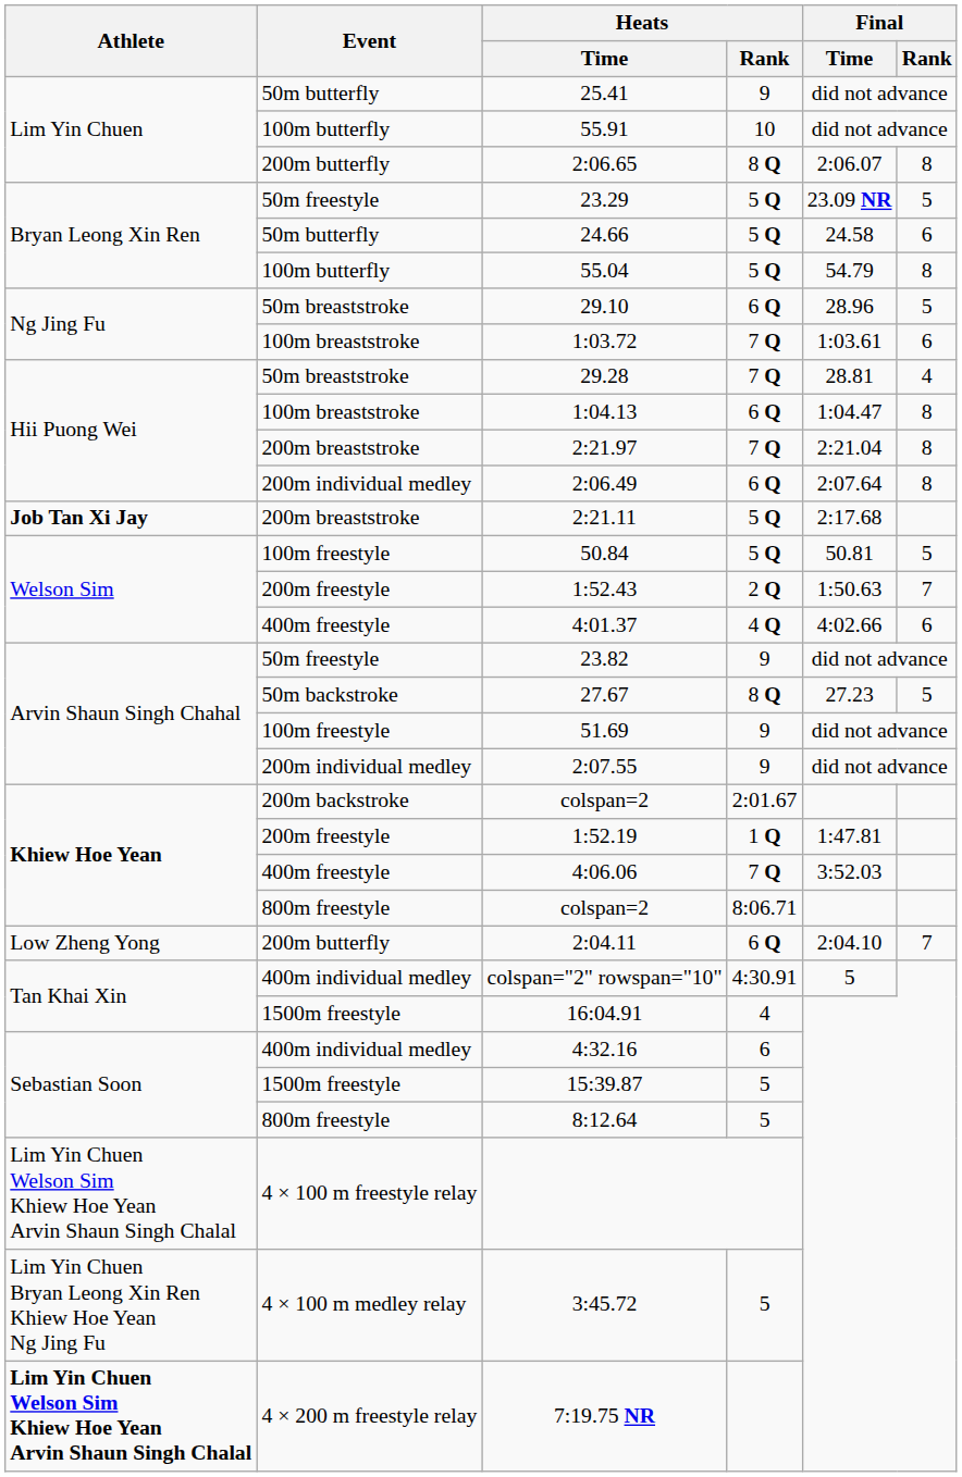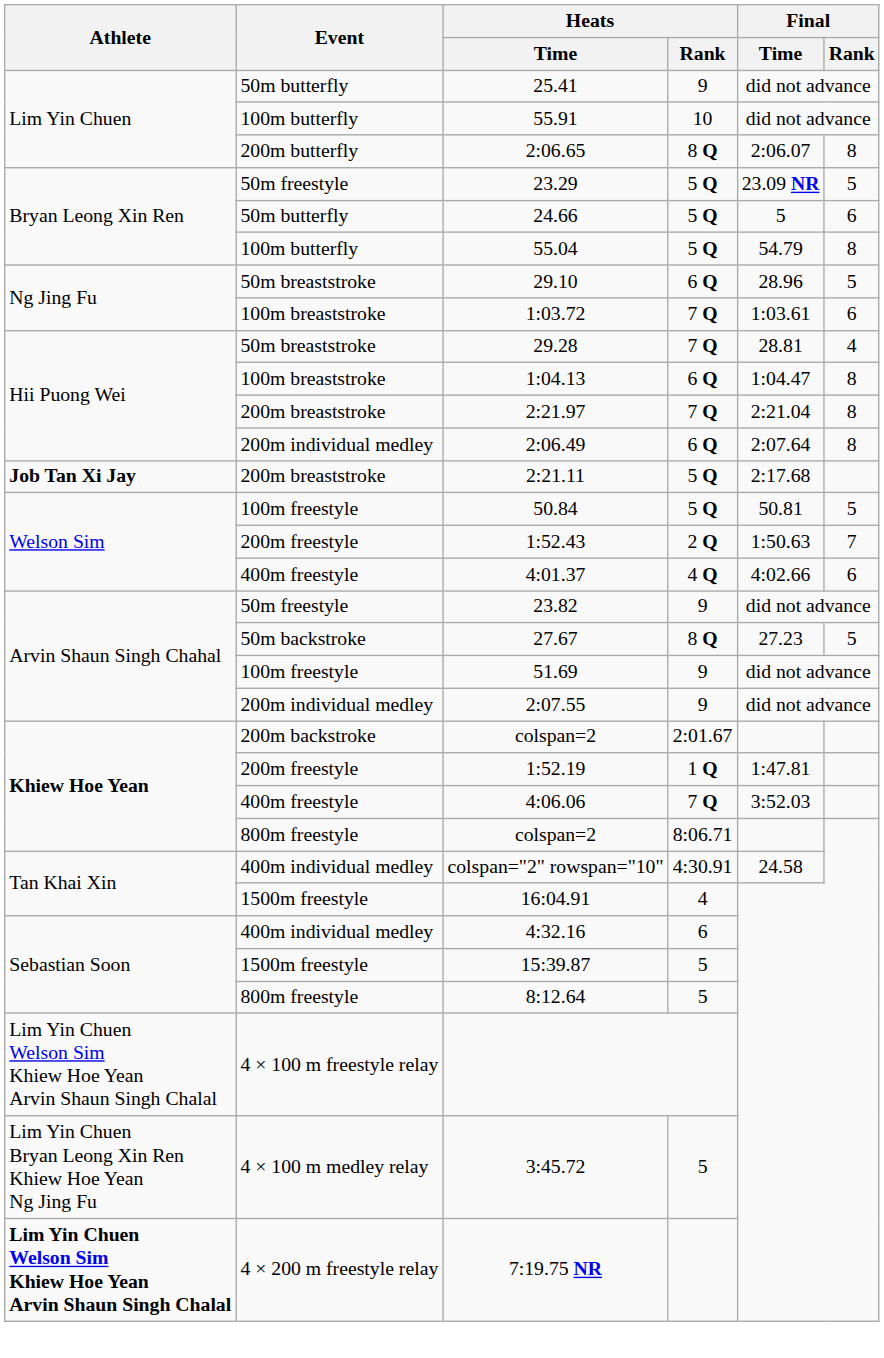 <table class="wikitable" style="font-size:90%">
 <tr>
 <th rowspan="2">Athlete</th>
 <th rowspan="2">Event</th>
 <th colspan="2">Heats</th>
 <th colspan="2">Final</th>
 </tr>
 <tr>
 <th>Time</th>
 <th>Rank</th>
 <th>Time</th>
 <th>Rank</th>
 </tr>
 <tr align="center">
 <td rowspan="3" align="left">Lim Yin Chuen</td>
 <td align="left">50m butterfly</td>
 <td>25.41</td>
 <td>9</td>
 <td colspan="2">did not advance</td>
 </tr>
 <tr align="center">
 <td align="left">100m butterfly</td>
 <td>55.91</td>
 <td>10</td>
 <td colspan="2">did not advance</td>
 </tr>
 <tr align="center">
 <td align="left">200m butterfly</td>
 <td>2:06.65</td>
 <td>8 <strong>Q</strong></td>
 <td>2:06.07</td>
 <td>8</td>
 </tr>
 <tr align="center">
 <td rowspan="3" align="left">Bryan Leong Xin Ren</td>
 <td align="left">50m freestyle</td>
 <td>23.29</td>
 <td>5 <strong>Q</strong></td>
 <td>23.09 <strong><a href='#'>NR</a></strong></td>
 <td>5</td>
 </tr>
 <tr align="center">
 <td align="left">50m butterfly</td>
 <td>24.66</td>
 <td>5 <strong>Q</strong></td>
-<td>24.58</td>
+<td>5</td>
 <td>6</td>
 </tr>
 <tr align="center">
 <td align="left">100m butterfly</td>
 <td>55.04</td>
 <td>5 <strong>Q</strong></td>
 <td>54.79</td>
 <td>8</td>
 </tr>
 <tr align="center">
 <td align="left" rowspan="2">Ng Jing Fu</td>
 <td align="left">50m breaststroke</td>
 <td>29.10</td>
 <td>6 <strong>Q</strong></td>
 <td>28.96</td>
 <td>5</td>
 </tr>
 <tr align="center">
 <td align="left">100m breaststroke</td>
 <td>1:03.72</td>
 <td>7 <strong>Q</strong></td>
 <td>1:03.61</td>
 <td>6</td>
 </tr>
 <tr align="center">
 <td align="left" rowspan="4">Hii Puong Wei</td>
 <td align="left">50m breaststroke</td>
 <td>29.28</td>
 <td>7 <strong>Q</strong></td>
 <td>28.81</td>
 <td>4</td>
 </tr>
 <tr align="center">
 <td align="left">100m breaststroke</td>
 <td>1:04.13</td>
 <td>6 <strong>Q</strong></td>
 <td>1:04.47</td>
 <td>8</td>
 </tr>
 <tr align="center">
 <td align="left">200m breaststroke</td>
 <td>2:21.97</td>
 <td>7 <strong>Q</strong></td>
 <td>2:21.04</td>
 <td>8</td>
 </tr>
 <tr align="center">
 <td align="left">200m individual medley</td>
 <td>2:06.49</td>
 <td>6 <strong>Q</strong></td>
 <td>2:07.64</td>
 <td>8</td>
 </tr>
 <tr align="center">
 <td align="left"><strong>Job Tan Xi Jay</strong></td>
 <td align="left">200m breaststroke</td>
 <td>2:21.11</td>
 <td>5 <strong>Q</strong></td>
 <td>2:17.68</td>
 <td></td>
 </tr>
 <tr align="center">
 <td align="left" rowspan=3><a href='#'>Welson Sim</a></td>
 <td align="left">100m freestyle</td>
 <td>50.84</td>
 <td>5 <strong>Q</strong></td>
 <td>50.81</td>
 <td>5</td>
 </tr>
 <tr align="center">
 <td align="left">200m freestyle</td>
 <td>1:52.43</td>
 <td>2 <strong>Q</strong></td>
 <td>1:50.63</td>
 <td>7</td>
 </tr>
 <tr align="center">
 <td align="left">400m freestyle</td>
 <td>4:01.37</td>
 <td>4 <strong>Q</strong></td>
 <td>4:02.66</td>
 <td>6</td>
 </tr>
 <tr align="center">
 <td rowspan="4" align="left">Arvin Shaun Singh Chahal</td>
 <td align="left">50m freestyle</td>
 <td>23.82</td>
 <td>9</td>
 <td colspan="2">did not advance</td>
 </tr>
 <tr align="center">
 <td align="left">50m backstroke</td>
 <td>27.67</td>
 <td>8 <strong>Q</strong></td>
 <td>27.23</td>
 <td>5</td>
 </tr>
 <tr align="center">
 <td align="left">100m freestyle</td>
 <td>51.69</td>
 <td>9</td>
 <td colspan="2">did not advance</td>
 </tr>
 <tr align="center">
 <td align="left">200m individual medley</td>
 <td>2:07.55</td>
 <td>9</td>
 <td colspan="2">did not advance</td>
 </tr>
 <tr align="center">
 <td align="left" rowspan="4"><strong>Khiew Hoe Yean</strong></td>
 <td align="left">200m backstroke</td>
 <td>colspan=2 </td>
 <td>2:01.67</td>
 <td></td>
 </tr>
 <tr align="center">
 <td align="left">200m freestyle</td>
 <td>1:52.19</td>
 <td>1 <strong>Q</strong></td>
 <td>1:47.81</td>
 <td></td>
 </tr>
 <tr align="center">
 <td align="left">400m freestyle</td>
 <td>4:06.06</td>
 <td>7 <strong>Q</strong></td>
 <td>3:52.03</td>
 <td></td>
 </tr>
 <tr align="center">
 <td align="left">800m freestyle</td>
 <td>colspan=2 </td>
 <td>8:06.71</td>
 <td></td>
 </tr>
 <tr align="center">
-<td align="left">Low Zheng Yong</td>
-<td align="left">200m butterfly</td>
-<td>2:04.11</td>
-<td>6 <strong>Q</strong></td>
-<td>2:04.10</td>
-<td>7</td>
-</tr>
-<tr align="center">
 <td align="left" rowspan="2">Tan Khai Xin</td>
 <td align="left">400m individual medley</td>
 <td>colspan="2" rowspan="10" </td>
 <td>4:30.91</td>
-<td>5</td>
+<td>24.58</td>
 </tr>
 <tr align="center">
 <td align="left">1500m freestyle</td>
 <td>16:04.91</td>
 <td>4</td>
 </tr>
 <tr align="center">
 <td align="left" rowspan="3">Sebastian Soon</td>
 <td align="left">400m individual medley</td>
 <td>4:32.16</td>
 <td>6</td>
 </tr>
 <tr align="center">
 <td align="left">1500m freestyle</td>
 <td>15:39.87</td>
 <td>5</td>
 </tr>
 <tr align="center">
 <td align="left">800m freestyle</td>
 <td>8:12.64</td>
 <td>5</td>
 </tr>
 <tr align="center">
 <td align="left">Lim Yin Chuen<br><a href='#'>Welson Sim</a><br>Khiew Hoe Yean<br>Arvin Shaun Singh Chalal</td>
 <td align="left">4 × 100 m freestyle relay</td>
 <td colspan="2"></td>
 </tr>
 <tr align="center">
 <td align="left">Lim Yin Chuen<br>Bryan Leong Xin Ren<br>Khiew Hoe Yean<br>Ng Jing Fu</td>
 <td align="left">4 × 100 m medley relay</td>
 <td>3:45.72</td>
 <td>5</td>
 </tr>
 <tr align="center">
 <td align="left"><strong>Lim Yin Chuen<br><a href='#'>Welson Sim</a><br>Khiew Hoe Yean<br>Arvin Shaun Singh Chalal</strong></td>
 <td align="left">4 × 200 m freestyle relay</td>
 <td>7:19.75 <strong><a href='#'>NR</a></strong></td>
 <td></td>
 </tr>
 </table>
